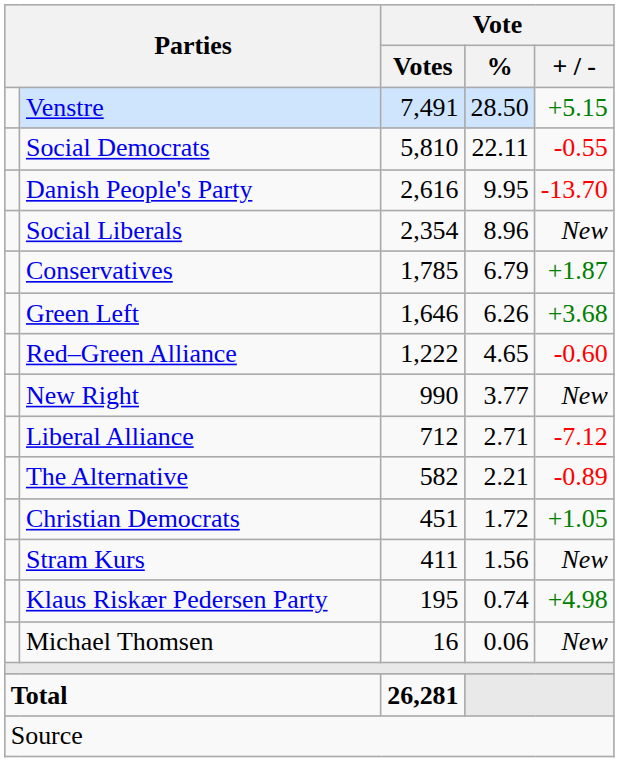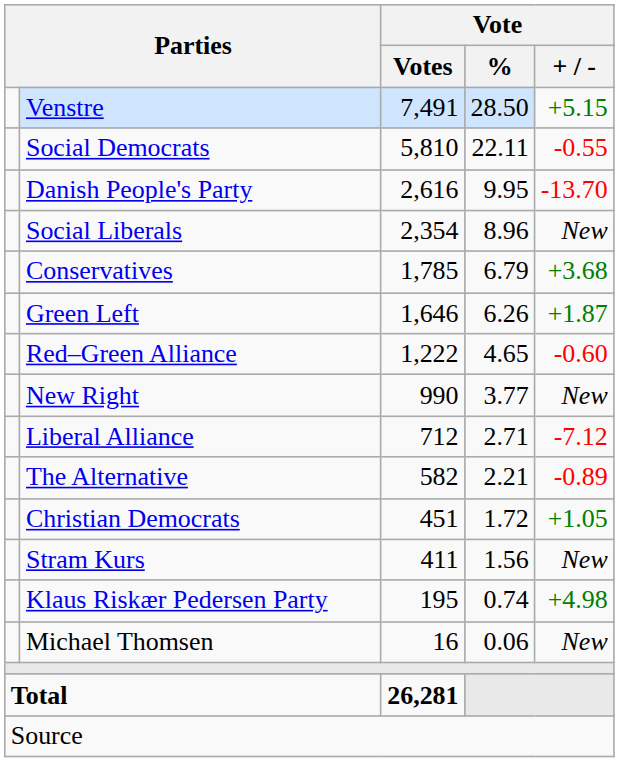 <table class="wikitable" style="text-align:right;">
 <tr>
 <th style="text-align:centre;" rowspan="2" colspan="2" width="225">Parties</th>
 <th colspan="3">Vote</th>
 </tr>
 <tr>
 <th width="15">Votes</th>
 <th width="15">%</th>
 <th width="15">+ / -</th>
 </tr>
 <tr>
 <td width="2" style="color:inherit;background:"></td>
 <td bgcolor=#cfe5fe  align="left"><a href='#'>Venstre</a></td>
 <td bgcolor=#cfe5fe>7,491</td>
 <td bgcolor=#cfe5fe>28.50</td>
 <td style=color:green;>+5.15</td>
 </tr>
 <tr>
 <td width="2" style="color:inherit;background:"></td>
 <td align="left"><a href='#'>Social Democrats</a></td>
 <td>5,810</td>
 <td>22.11</td>
 <td style=color:red;>-0.55</td>
 </tr>
 <tr>
 <td width="2" style="color:inherit;background:"></td>
 <td align="left"><a href='#'>Danish People's Party</a></td>
 <td>2,616</td>
 <td>9.95</td>
 <td style=color:red;>-13.70</td>
 </tr>
 <tr>
 <td width="2" style="color:inherit;background:"></td>
 <td align="left"><a href='#'>Social Liberals</a></td>
 <td>2,354</td>
 <td>8.96</td>
 <td><em>New</em></td>
 </tr>
 <tr>
 <td width="2" style="color:inherit;background:"></td>
 <td align="left"><a href='#'>Conservatives</a></td>
 <td>1,785</td>
 <td>6.79</td>
-<td style=color:green;>+1.87</td>
+<td style=color:green;>+3.68</td>
 </tr>
 <tr>
 <td width="2" style="color:inherit;background:"></td>
 <td align="left"><a href='#'>Green Left</a></td>
 <td>1,646</td>
 <td>6.26</td>
-<td style=color:green;>+3.68</td>
+<td style=color:green;>+1.87</td>
 </tr>
 <tr>
 <td width="2" style="color:inherit;background:"></td>
 <td align="left"><a href='#'>Red–Green Alliance</a></td>
 <td>1,222</td>
 <td>4.65</td>
 <td style=color:red;>-0.60</td>
 </tr>
 <tr>
 <td width="2" style="color:inherit;background:"></td>
 <td align="left"><a href='#'>New Right</a></td>
 <td>990</td>
 <td>3.77</td>
 <td><em>New</em></td>
 </tr>
 <tr>
 <td width="2" style="color:inherit;background:"></td>
 <td align="left"><a href='#'>Liberal Alliance</a></td>
 <td>712</td>
 <td>2.71</td>
 <td style=color:red;>-7.12</td>
 </tr>
 <tr>
 <td width="2" style="color:inherit;background:"></td>
 <td align="left"><a href='#'>The Alternative</a></td>
 <td>582</td>
 <td>2.21</td>
 <td style=color:red;>-0.89</td>
 </tr>
 <tr>
 <td width="2" style="color:inherit;background:"></td>
 <td align="left"><a href='#'>Christian Democrats</a></td>
 <td>451</td>
 <td>1.72</td>
 <td style=color:green;>+1.05</td>
 </tr>
 <tr>
 <td width="2" style="color:inherit;background:"></td>
 <td align="left"><a href='#'>Stram Kurs</a></td>
 <td>411</td>
 <td>1.56</td>
 <td><em>New</em></td>
 </tr>
 <tr>
 <td width="2" style="color:inherit;background:"></td>
 <td align="left"><a href='#'>Klaus Riskær Pedersen Party</a></td>
 <td>195</td>
 <td>0.74</td>
 <td style=color:green;>+4.98</td>
 </tr>
 <tr>
 <td width="2" style="color:inherit;background:"></td>
 <td align="left">Michael Thomsen</td>
 <td>16</td>
 <td>0.06</td>
 <td><em>New</em></td>
 </tr>
 <tr>
 <td colspan="7" bgcolor="#E9E9E9"></td>
 </tr>
 <tr>
 <td align="left" colspan="2"><strong>Total</strong></td>
 <td><strong>26,281</strong></td>
 <td bgcolor="#E9E9E9" colspan="2"></td>
 </tr>
 <tr>
 <td align="left" colspan="6">Source</td>
 </tr>
 </table>
